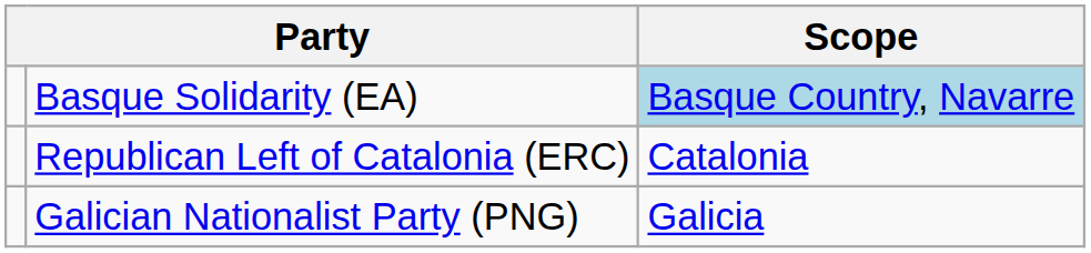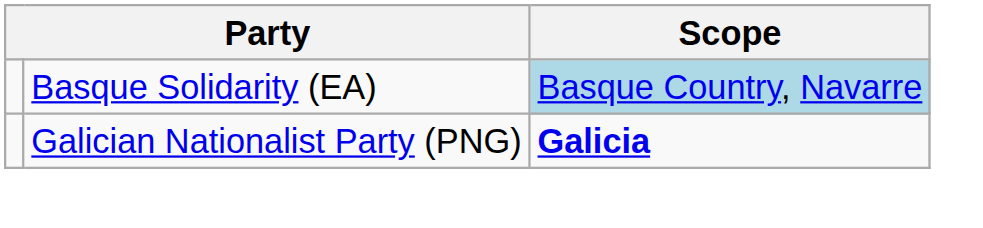 <table class="wikitable" style="text-align:left; font-size:95%;">
 <tr>
 <th colspan="2">Party</th>
 <th>Scope</th>
 </tr>
 <tr>
 <td width="1"></td>
 <td><a href='#'>Basque Solidarity</a> (EA)</td>
 <td style="background: lightblue;"><a href='#'>Basque Country</a>, <a href='#'>Navarre</a></td>
 </tr>
 <tr>
 <td></td>
-<td><a href='#'>Republican Left of Catalonia</a> (ERC)</td>
-<td><a href='#'>Catalonia</a></td>
-</tr>
-<tr>
-<td></td>
 <td><a href='#'>Galician Nationalist Party</a> (PNG)</td>
-<td><a href='#'>Galicia</a></td>
+<td><strong><a href='#'>Galicia</a></strong></td>
 </tr>
 </table>
